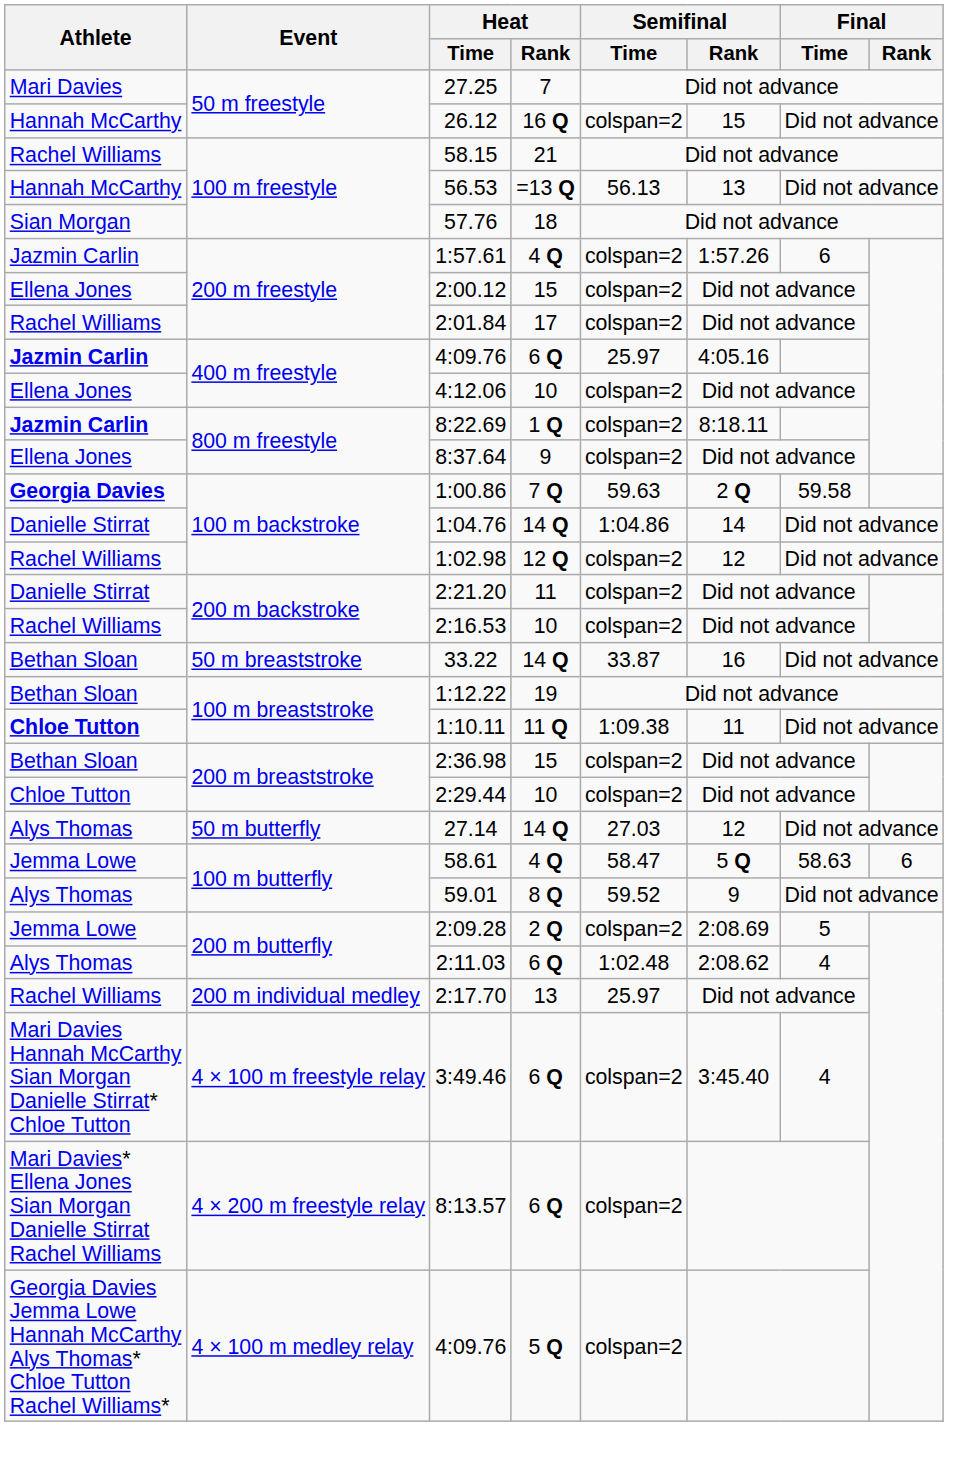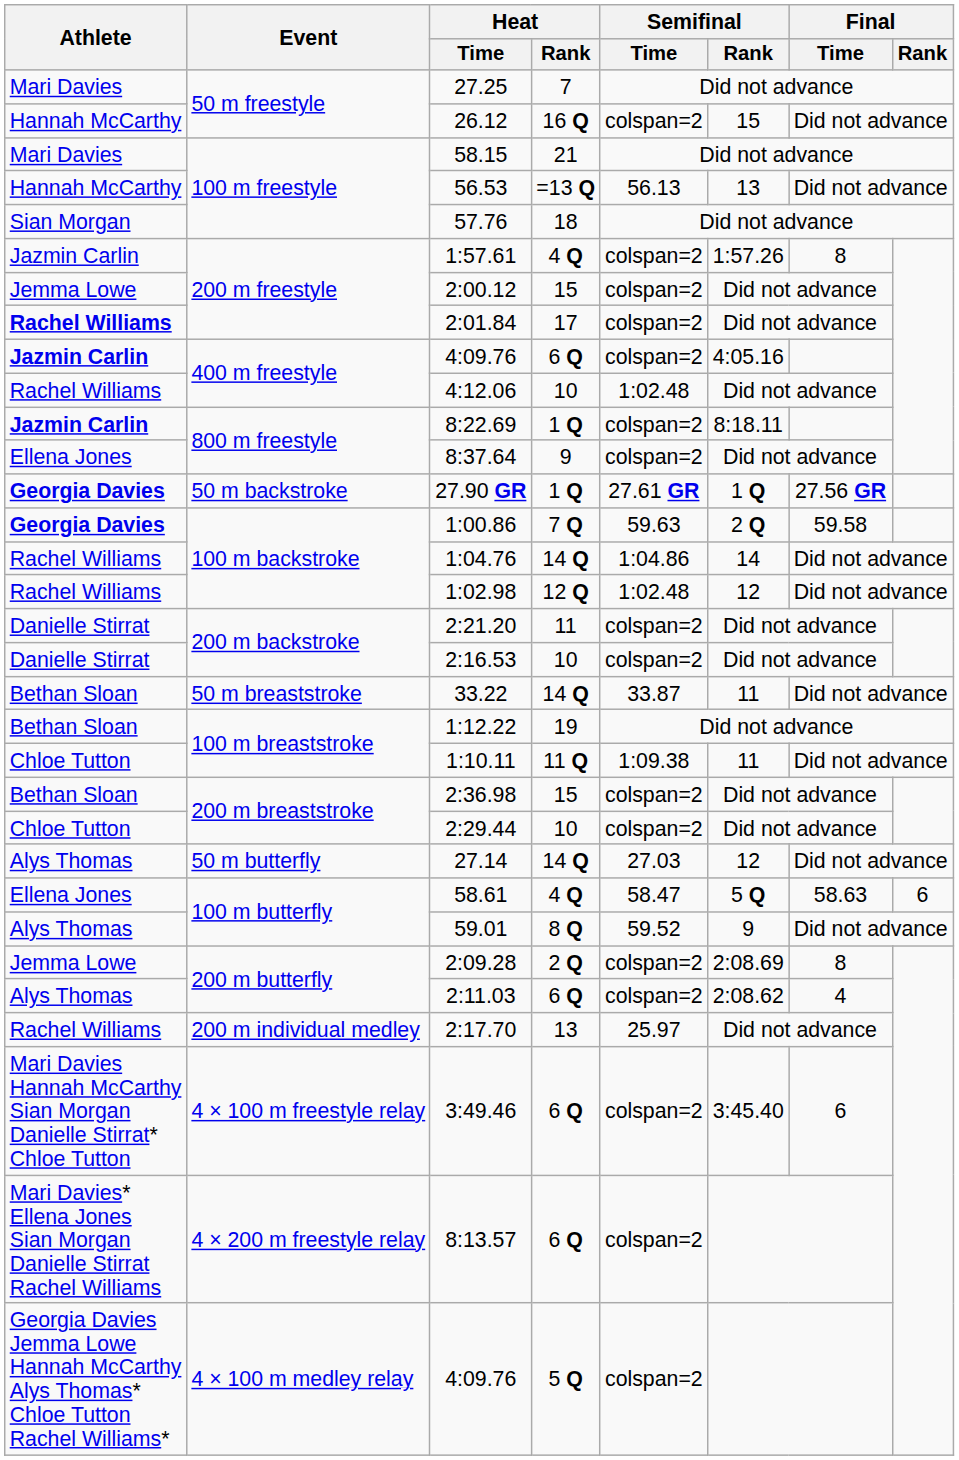 <table class=wikitable style=font-size:90%>
 <tr>
 <th rowspan=2>Athlete</th>
 <th rowspan=2>Event</th>
 <th colspan=2>Heat</th>
 <th colspan=2>Semifinal</th>
 <th colspan=2>Final</th>
 </tr>
 <tr style=font-size:95%>
 <th>Time</th>
 <th>Rank</th>
 <th>Time</th>
 <th>Rank</th>
 <th>Time</th>
 <th>Rank</th>
 </tr>
 <tr align=center>
 <td align=left><a href='#'>Mari Davies</a></td>
 <td align=left rowspan=2><a href='#'>50 m freestyle</a></td>
 <td>27.25</td>
 <td>7</td>
 <td colspan=4>Did not advance</td>
 </tr>
 <tr align=center>
 <td align=left><a href='#'>Hannah McCarthy</a></td>
 <td>26.12</td>
 <td>16 <strong>Q</strong></td>
 <td>colspan=2 </td>
 <td>15</td>
 <td colspan=2>Did not advance</td>
 </tr>
 <tr align=center>
-<td align=left><a href='#'>Rachel Williams</a></td>
+<td align=left><a href='#'>Mari Davies</a></td>
 <td align=left rowspan=3><a href='#'>100 m freestyle</a></td>
 <td>58.15</td>
 <td>21</td>
 <td colspan=4>Did not advance</td>
 </tr>
 <tr align=center>
 <td align=left><a href='#'>Hannah McCarthy</a></td>
 <td>56.53</td>
 <td>=13 <strong>Q</strong></td>
 <td>56.13</td>
 <td>13</td>
 <td colspan=2>Did not advance</td>
 </tr>
 <tr align=center>
 <td align=left><a href='#'>Sian Morgan</a></td>
 <td>57.76</td>
 <td>18</td>
 <td colspan=4>Did not advance</td>
 </tr>
 <tr align=center>
 <td align=left><a href='#'>Jazmin Carlin</a></td>
 <td align=left rowspan=3><a href='#'>200 m freestyle</a></td>
 <td>1:57.61</td>
 <td>4 <strong>Q</strong></td>
 <td>colspan=2 </td>
 <td>1:57.26</td>
-<td>6</td>
+<td>8</td>
 </tr>
 <tr align=center>
-<td align=left><a href='#'>Ellena Jones</a></td>
+<td align=left><a href='#'>Jemma Lowe</a></td>
 <td>2:00.12</td>
 <td>15</td>
 <td>colspan=2 </td>
 <td colspan=2>Did not advance</td>
 </tr>
 <tr align=center>
-<td align=left><a href='#'>Rachel Williams</a></td>
+<td align=left><strong><a href='#'>Rachel Williams</a></strong></td>
 <td>2:01.84</td>
 <td>17</td>
 <td>colspan=2 </td>
 <td colspan=2>Did not advance</td>
 </tr>
 <tr align=center>
 <td align=left><strong><a href='#'>Jazmin Carlin</a></strong></td>
 <td align=left rowspan=2><a href='#'>400 m freestyle</a></td>
 <td>4:09.76</td>
 <td>6 <strong>Q</strong></td>
-<td>25.97</td>
+<td>colspan=2 </td>
 <td>4:05.16</td>
 <td></td>
 </tr>
 <tr align=center>
-<td align=left><a href='#'>Ellena Jones</a></td>
+<td align=left><a href='#'>Rachel Williams</a></td>
 <td>4:12.06</td>
 <td>10</td>
-<td>colspan=2 </td>
+<td>1:02.48</td>
 <td colspan=2>Did not advance</td>
 </tr>
 <tr align=center>
 <td align=left><strong><a href='#'>Jazmin Carlin</a></strong></td>
 <td align=left rowspan=2><a href='#'>800 m freestyle</a></td>
 <td>8:22.69</td>
 <td>1 <strong>Q</strong></td>
 <td>colspan=2 </td>
 <td>8:18.11</td>
 <td></td>
 </tr>
 <tr align=center>
 <td align=left><a href='#'>Ellena Jones</a></td>
 <td>8:37.64</td>
 <td>9</td>
 <td>colspan=2 </td>
 <td colspan=2>Did not advance</td>
 </tr>
 <tr align=center>
 <td align=left><strong><a href='#'>Georgia Davies</a></strong></td>
+<td align=left><a href='#'>50 m backstroke</a></td>
+<td>27.90 <strong><a href='#'>GR</a></strong></td>
+<td>1 <strong>Q</strong></td>
+<td>27.61 <strong><a href='#'>GR</a></strong></td>
+<td>1 <strong>Q</strong></td>
+<td>27.56 <strong><a href='#'>GR</a></strong></td>
+<td></td>
+</tr>
+<tr align=center>
+<td align=left><strong><a href='#'>Georgia Davies</a></strong></td>
 <td align=left rowspan=3><a href='#'>100 m backstroke</a></td>
 <td>1:00.86</td>
 <td>7 <strong>Q</strong></td>
 <td>59.63</td>
 <td>2 <strong>Q</strong></td>
 <td>59.58</td>
 <td></td>
 </tr>
 <tr align=center>
-<td align=left><a href='#'>Danielle Stirrat</a></td>
+<td align=left><a href='#'>Rachel Williams</a></td>
 <td>1:04.76</td>
 <td>14 <strong>Q</strong></td>
 <td>1:04.86</td>
 <td>14</td>
 <td colspan=2>Did not advance</td>
 </tr>
 <tr align=center>
 <td align=left><a href='#'>Rachel Williams</a></td>
 <td>1:02.98</td>
 <td>12 <strong>Q</strong></td>
-<td>colspan=2 </td>
+<td>1:02.48</td>
 <td>12</td>
 <td colspan=2>Did not advance</td>
 </tr>
 <tr align=center>
 <td align=left><a href='#'>Danielle Stirrat</a></td>
 <td align=left rowspan=2><a href='#'>200 m backstroke</a></td>
 <td>2:21.20</td>
 <td>11</td>
 <td>colspan=2 </td>
 <td colspan=2>Did not advance</td>
 </tr>
 <tr align=center>
-<td align=left><a href='#'>Rachel Williams</a></td>
+<td align=left><a href='#'>Danielle Stirrat</a></td>
 <td>2:16.53</td>
 <td>10</td>
 <td>colspan=2 </td>
 <td colspan=2>Did not advance</td>
 </tr>
 <tr align=center>
 <td align=left><a href='#'>Bethan Sloan</a></td>
 <td align=left><a href='#'>50 m breaststroke</a></td>
 <td>33.22</td>
 <td>14 <strong>Q</strong></td>
 <td>33.87</td>
-<td>16</td>
+<td>11</td>
 <td colspan=2>Did not advance</td>
 </tr>
 <tr align=center>
 <td align=left><a href='#'>Bethan Sloan</a></td>
 <td align=left rowspan=2><a href='#'>100 m breaststroke</a></td>
 <td>1:12.22</td>
 <td>19</td>
 <td colspan=4>Did not advance</td>
 </tr>
 <tr align=center>
-<td align=left><strong><a href='#'>Chloe Tutton</a></strong></td>
+<td align=left><a href='#'>Chloe Tutton</a></td>
 <td>1:10.11</td>
 <td>11 <strong>Q</strong></td>
 <td>1:09.38</td>
 <td>11</td>
 <td colspan=2>Did not advance</td>
 </tr>
 <tr align=center>
 <td align=left><a href='#'>Bethan Sloan</a></td>
 <td align=left rowspan=2><a href='#'>200 m breaststroke</a></td>
 <td>2:36.98</td>
 <td>15</td>
 <td>colspan=2 </td>
 <td colspan=2>Did not advance</td>
 </tr>
 <tr align=center>
 <td align=left><a href='#'>Chloe Tutton</a></td>
 <td>2:29.44</td>
 <td>10</td>
 <td>colspan=2 </td>
 <td colspan=2>Did not advance</td>
 </tr>
 <tr align=center>
 <td align=left><a href='#'>Alys Thomas</a></td>
 <td align=left><a href='#'>50 m butterfly</a></td>
 <td>27.14</td>
 <td>14 <strong>Q</strong></td>
 <td>27.03</td>
 <td>12</td>
 <td colspan=2>Did not advance</td>
 </tr>
 <tr align=center>
-<td align=left><a href='#'>Jemma Lowe</a></td>
+<td align=left><a href='#'>Ellena Jones</a></td>
 <td align=left rowspan=2><a href='#'>100 m butterfly</a></td>
 <td>58.61</td>
 <td>4 <strong>Q</strong></td>
 <td>58.47</td>
 <td>5 <strong>Q</strong></td>
 <td>58.63</td>
 <td>6</td>
 </tr>
 <tr align=center>
 <td align=left><a href='#'>Alys Thomas</a></td>
 <td>59.01</td>
 <td>8 <strong>Q</strong></td>
 <td>59.52</td>
 <td>9</td>
 <td colspan=2>Did not advance</td>
 </tr>
 <tr align=center>
 <td align=left><a href='#'>Jemma Lowe</a></td>
 <td align=left rowspan=2><a href='#'>200 m butterfly</a></td>
 <td>2:09.28</td>
 <td>2 <strong>Q</strong></td>
 <td>colspan=2 </td>
 <td>2:08.69</td>
-<td>5</td>
+<td>8</td>
 </tr>
 <tr align=center>
 <td align=left><a href='#'>Alys Thomas</a></td>
 <td>2:11.03</td>
 <td>6 <strong>Q</strong></td>
-<td>1:02.48</td>
+<td>colspan=2 </td>
 <td>2:08.62</td>
 <td>4</td>
 </tr>
 <tr align=center>
 <td align=left><a href='#'>Rachel Williams</a></td>
 <td align=left><a href='#'>200 m individual medley</a></td>
 <td>2:17.70</td>
 <td>13</td>
 <td>25.97</td>
 <td colspan=2>Did not advance</td>
 </tr>
 <tr align=center>
 <td align=left><a href='#'>Mari Davies</a><br><a href='#'>Hannah McCarthy</a><br><a href='#'>Sian Morgan</a><br><a href='#'>Danielle Stirrat</a>*<br><a href='#'>Chloe Tutton</a></td>
 <td align=left><a href='#'>4 × 100 m freestyle relay</a></td>
 <td>3:49.46</td>
 <td>6 <strong>Q</strong></td>
 <td>colspan=2 </td>
 <td>3:45.40</td>
-<td>4</td>
+<td>6</td>
 </tr>
 <tr align=center>
 <td align=left><a href='#'>Mari Davies</a>*<br><a href='#'>Ellena Jones</a><br><a href='#'>Sian Morgan</a><br><a href='#'>Danielle Stirrat</a><br><a href='#'>Rachel Williams</a></td>
 <td align=left><a href='#'>4 × 200 m freestyle relay</a></td>
 <td>8:13.57</td>
 <td>6 <strong>Q</strong></td>
 <td>colspan=2 </td>
 <td colspan=2></td>
 </tr>
 <tr align=center>
 <td align=left><a href='#'>Georgia Davies</a><br><a href='#'>Jemma Lowe</a><br><a href='#'>Hannah McCarthy</a><br><a href='#'>Alys Thomas</a>*<br><a href='#'>Chloe Tutton</a><br><a href='#'>Rachel Williams</a>*</td>
 <td align=left><a href='#'>4 × 100 m medley relay</a></td>
 <td>4:09.76</td>
 <td>5 <strong>Q</strong></td>
 <td>colspan=2 </td>
 <td colspan=2></td>
 </tr>
 </table>
